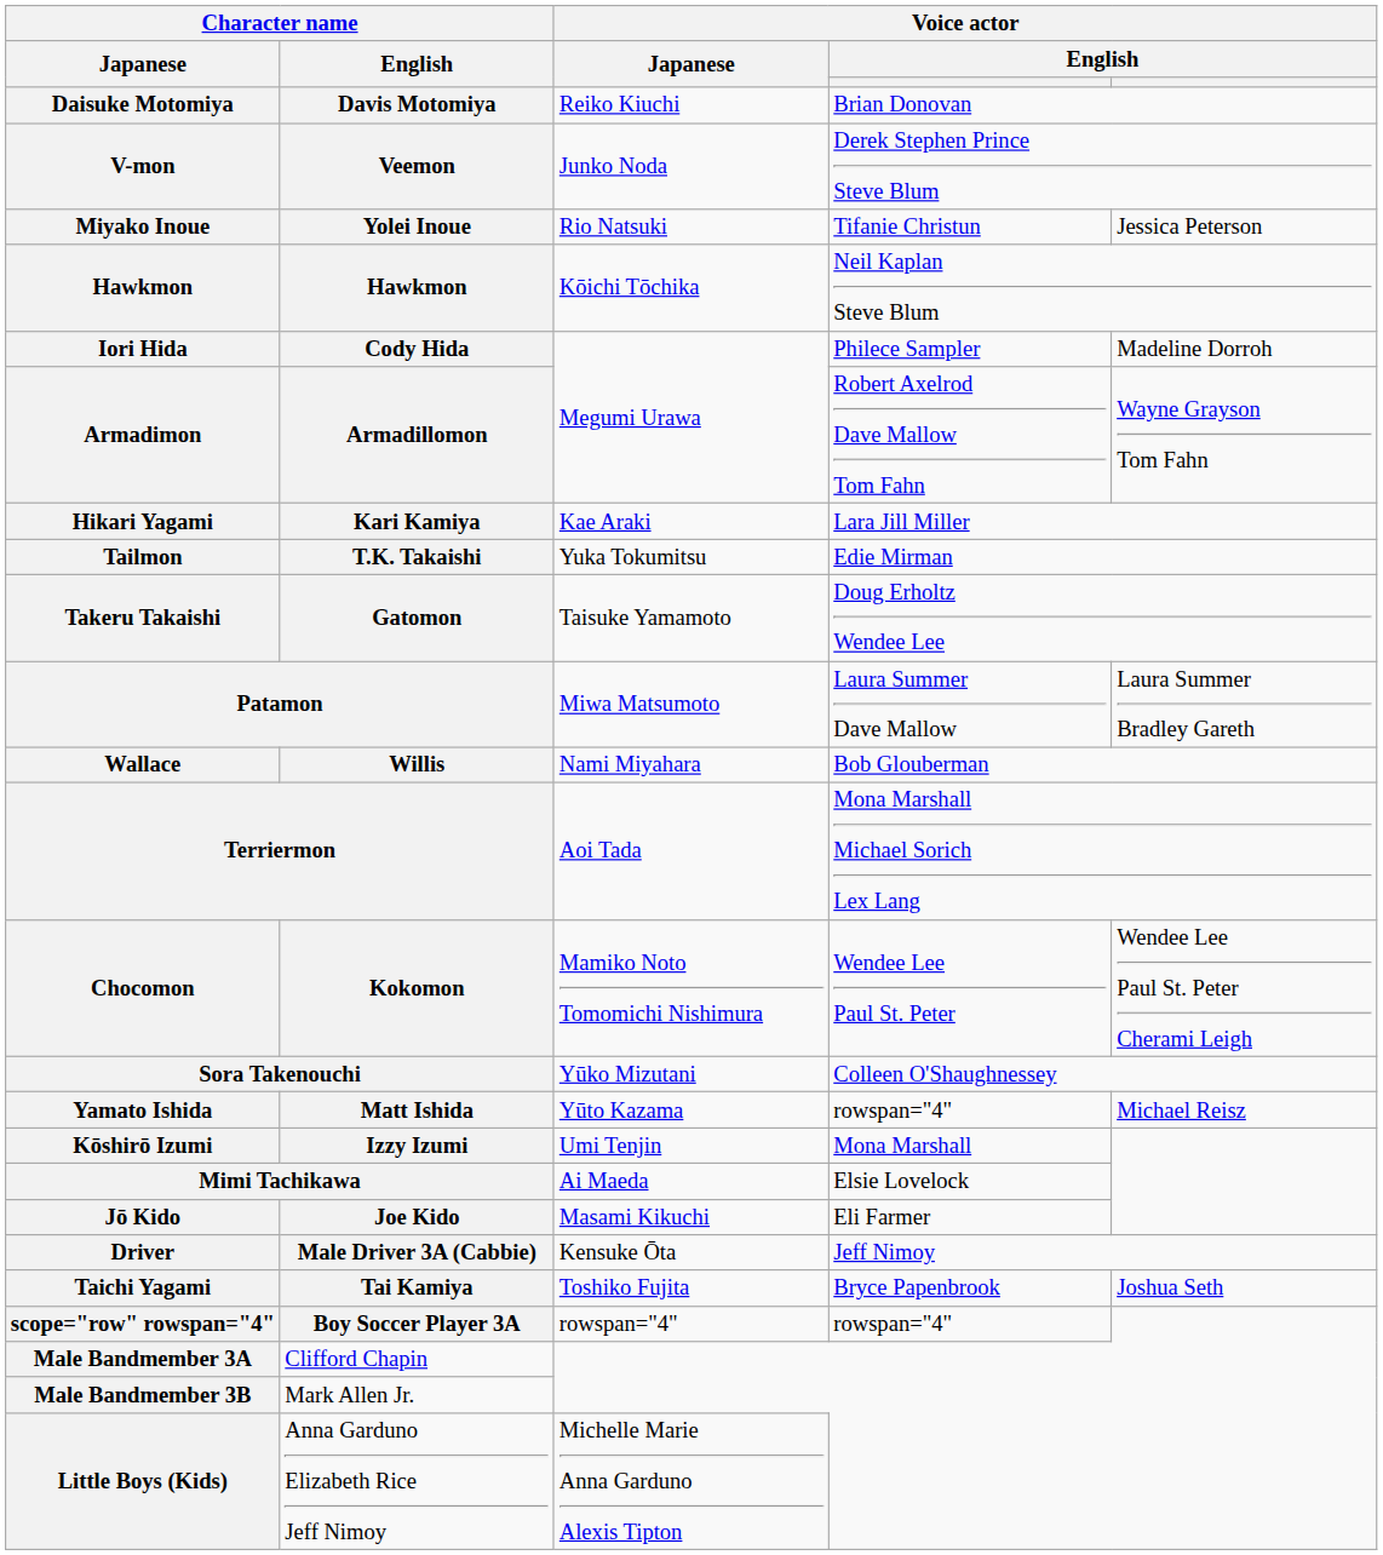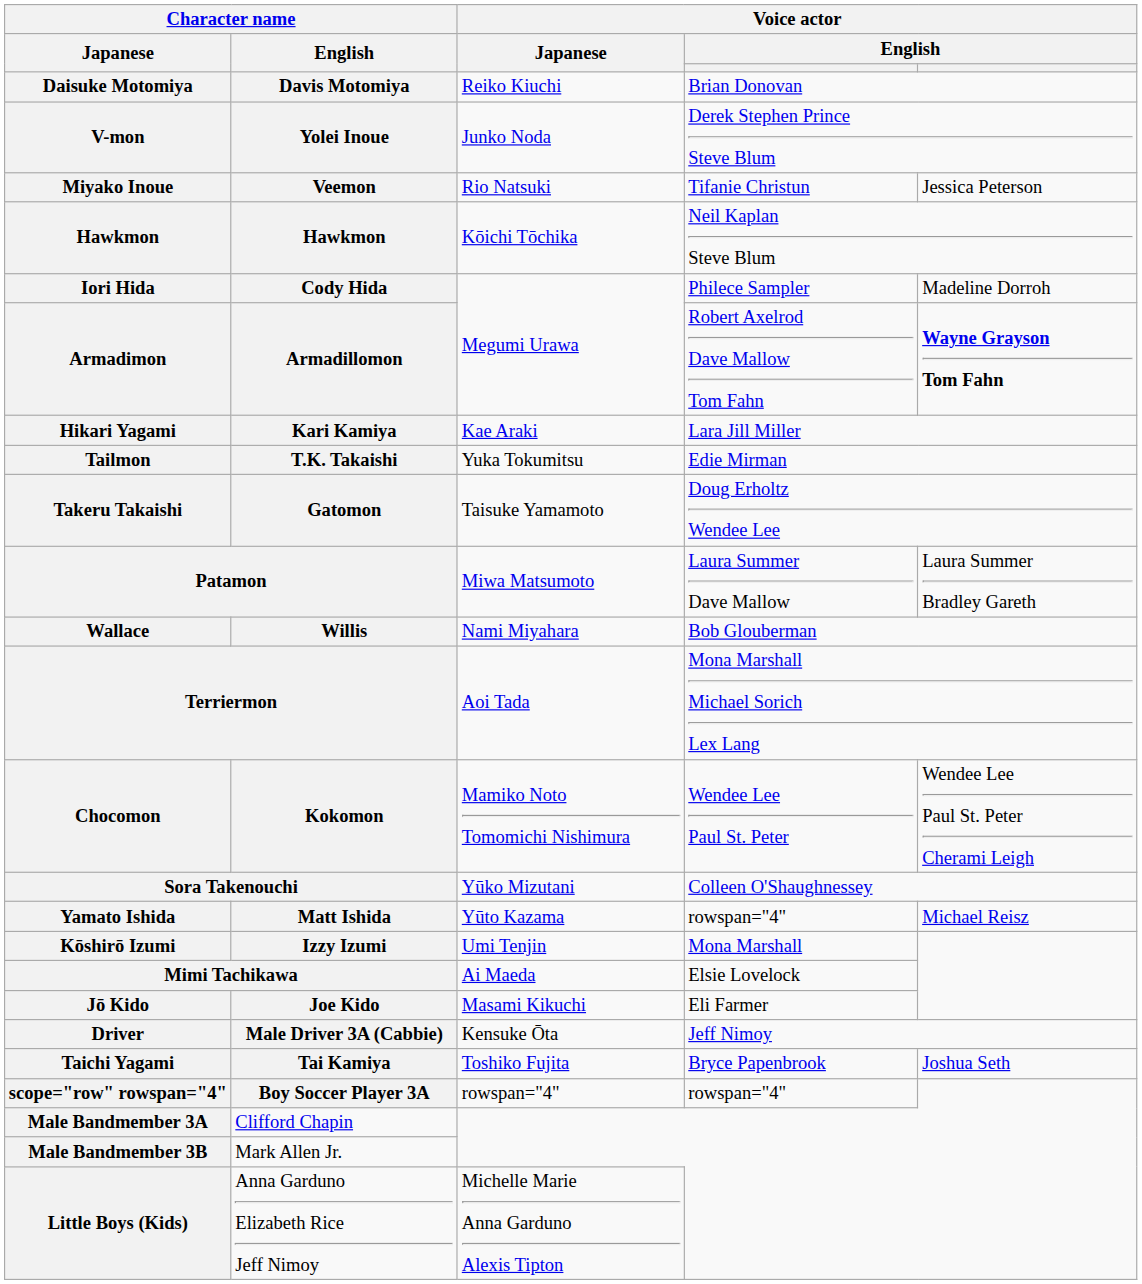 <table class="wikitable plainrowheaders">
 <tr>
 <th colspan="2"><a href='#'>Character name</a></th>
 <th colspan="3">Voice actor</th>
 </tr>
 <tr>
 <th rowspan="2"  width="20%">Japanese</th>
 <th rowspan="2"  width="20%">English</th>
 <th rowspan="2"  width="20%">Japanese</th>
 <th colspan="2"  width="40%">English</th>
 </tr>
 <tr>
 <th></th>
 <th></th>
 </tr>
 <tr>
 <th scope="row">Daisuke Motomiya</th>
 <th scope="row">Davis Motomiya</th>
 <td><a href='#'>Reiko Kiuchi</a></td>
 <td colspan="2"><a href='#'>Brian Donovan</a></td>
 </tr>
 <tr>
 <th scope="row">V-mon</th>
-<th scope="row">Veemon</th>
+<th scope="row">Yolei Inoue</th>
 <td><a href='#'>Junko Noda</a></td>
 <td colspan="2"><a href='#'>Derek Stephen Prince</a><hr><a href='#'>Steve Blum</a> </td>
 </tr>
 <tr>
 <th scope="row">Miyako Inoue</th>
-<th scope="row">Yolei Inoue</th>
+<th scope="row">Veemon</th>
 <td><a href='#'>Rio Natsuki</a></td>
 <td><a href='#'>Tifanie Christun</a></td>
 <td>Jessica Peterson</td>
 </tr>
 <tr>
 <th scope="row">Hawkmon</th>
 <th scope="row">Hawkmon</th>
 <td><a href='#'>Kōichi Tōchika</a></td>
 <td colspan="2"><a href='#'>Neil Kaplan</a><hr>Steve Blum </td>
 </tr>
 <tr>
 <th scope="row">Iori Hida</th>
 <th scope="row">Cody Hida</th>
 <td rowspan="2"><a href='#'>Megumi Urawa</a></td>
 <td><a href='#'>Philece Sampler</a></td>
 <td>Madeline Dorroh</td>
 </tr>
 <tr>
 <th scope="row">Armadimon</th>
 <th scope="row">Armadillomon</th>
 <td><a href='#'>Robert Axelrod</a><hr><a href='#'>Dave Mallow</a> <hr><a href='#'>Tom Fahn</a> </td>
-<td><a href='#'>Wayne Grayson</a><hr>Tom Fahn </td>
+<td><strong><a href='#'>Wayne Grayson</a><hr>Tom Fahn </strong></td>
 </tr>
 <tr>
 <th scope="row">Hikari Yagami</th>
 <th scope="row">Kari Kamiya</th>
 <td><a href='#'>Kae Araki</a></td>
 <td colspan="2"><a href='#'>Lara Jill Miller</a></td>
 </tr>
 <tr>
 <th scope="row">Tailmon</th>
 <th scope="row">T.K. Takaishi</th>
 <td>Yuka Tokumitsu</td>
 <td colspan="2"><a href='#'>Edie Mirman</a></td>
 </tr>
 <tr>
 <th scope="row">Takeru Takaishi</th>
 <th scope="row">Gatomon</th>
 <td>Taisuke Yamamoto</td>
 <td colspan="2"><a href='#'>Doug Erholtz</a><hr><a href='#'>Wendee Lee</a> </td>
 </tr>
 <tr>
 <th scope="row" colspan="2">Patamon</th>
 <td><a href='#'>Miwa Matsumoto</a></td>
 <td><a href='#'>Laura Summer</a><hr>Dave Mallow </td>
 <td>Laura Summer<hr>Bradley Gareth </td>
 </tr>
 <tr>
 <th scope="row">Wallace</th>
 <th scope="row">Willis</th>
 <td><a href='#'>Nami Miyahara</a></td>
 <td colspan="2"><a href='#'>Bob Glouberman</a></td>
 </tr>
 <tr>
 <th scope="row" colspan="2">Terriermon</th>
 <td><a href='#'>Aoi Tada</a></td>
 <td colspan="2"><a href='#'>Mona Marshall</a><hr><a href='#'>Michael Sorich</a> <hr><a href='#'>Lex Lang</a> </td>
 </tr>
 <tr>
 <th scope="row">Chocomon</th>
 <th scope="row">Kokomon</th>
 <td><a href='#'>Mamiko Noto</a> <hr><a href='#'>Tomomichi Nishimura</a></td>
 <td><a href='#'>Wendee Lee</a> <hr><a href='#'>Paul St. Peter</a></td>
 <td>Wendee Lee <hr>Paul St. Peter<hr><a href='#'>Cherami Leigh</a> </td>
 </tr>
 <tr>
 <th scope="row" colspan="2">Sora Takenouchi</th>
 <td><a href='#'>Yūko Mizutani</a></td>
 <td colspan="2"><a href='#'>Colleen O'Shaughnessey</a></td>
 </tr>
 <tr>
 <th scope="row">Yamato Ishida</th>
 <th scope="row">Matt Ishida</th>
 <td><a href='#'>Yūto Kazama</a></td>
 <td>rowspan="4" </td>
 <td><a href='#'>Michael Reisz</a></td>
 </tr>
 <tr>
 <th scope="row">Kōshirō Izumi</th>
 <th scope="row">Izzy Izumi</th>
 <td><a href='#'>Umi Tenjin</a></td>
 <td><a href='#'>Mona Marshall</a></td>
 </tr>
 <tr>
 <th scope="row" colspan="2">Mimi Tachikawa</th>
 <td><a href='#'>Ai Maeda</a></td>
 <td>Elsie Lovelock</td>
 </tr>
 <tr>
 <th scope="row">Jō Kido</th>
 <th scope="row">Joe Kido</th>
 <td><a href='#'>Masami Kikuchi</a></td>
 <td>Eli Farmer</td>
 </tr>
 <tr>
 <th scope="row">Driver</th>
 <th scope="row">Male Driver 3A (Cabbie)</th>
 <td>Kensuke Ōta</td>
 <td colspan="2"><a href='#'>Jeff Nimoy</a></td>
 </tr>
 <tr>
 <th scope="row">Taichi Yagami</th>
 <th scope="row">Tai Kamiya</th>
 <td><a href='#'>Toshiko Fujita</a></td>
 <td><a href='#'>Bryce Papenbrook</a></td>
 <td><a href='#'>Joshua Seth</a></td>
 </tr>
 <tr>
 <th>scope="row" rowspan="4" </th>
 <th scope="row">Boy Soccer Player 3A</th>
 <td>rowspan="4" </td>
 <td>rowspan="4" </td>
 </tr>
 <tr>
 <th scope="row">Male Bandmember 3A</th>
 <td><a href='#'>Clifford Chapin</a></td>
 </tr>
 <tr>
 <th scope="row">Male Bandmember 3B</th>
 <td>Mark Allen Jr.</td>
 </tr>
 <tr>
 <th scope="row">Little Boys (Kids)</th>
 <td>Anna Garduno <hr>Elizabeth Rice <hr>Jeff Nimoy </td>
 <td>Michelle Marie <hr>Anna Garduno <hr><a href='#'>Alexis Tipton</a> </td>
 </tr>
 </table>
